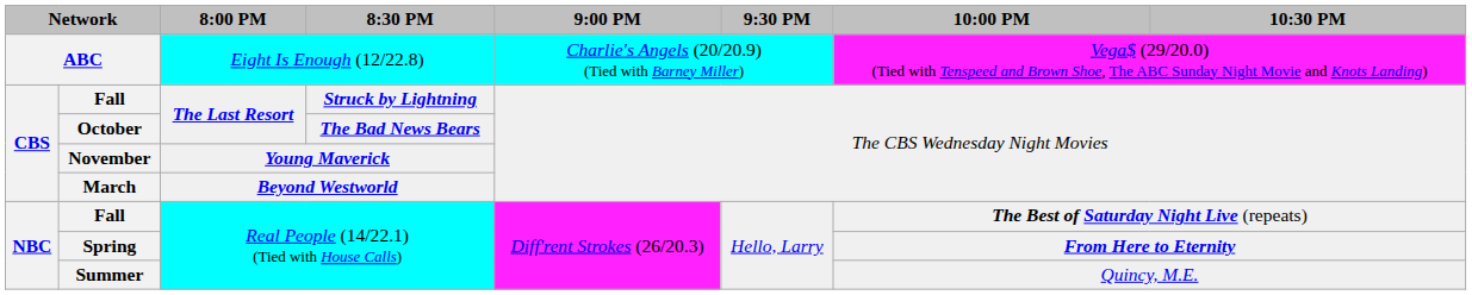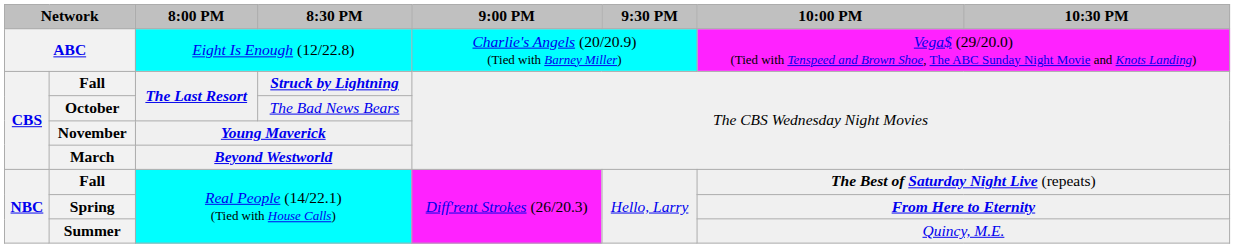 <table class="wikitable plainrowheaders" style="width:100%; margin:auto ;text-align:center;">
 <tr>
 <th style="background-color:#C0C0C0;text-align:center" colspan="2">Network</th>
 <th style="background-color:#C0C0C0;text-align:center">8:00 PM</th>
 <th style="background-color:#C0C0C0;text-align:center">8:30 PM</th>
 <th style="background-color:#C0C0C0;text-align:center">9:00 PM</th>
 <th style="background-color:#C0C0C0;text-align:center">9:30 PM</th>
 <th style="background-color:#C0C0C0;text-align:center">10:00 PM</th>
 <th style="background-color:#C0C0C0;text-align:center">10:30 PM</th>
 </tr>
 <tr>
 <th bgcolor="#C0C0C0" colspan="2"><a href='#'>ABC</a></th>
 <td bgcolor="#00FFFF" colspan="2"><em><a href='#'>Eight Is Enough</a></em> (12/22.8)</td>
 <td bgcolor="#00FFFF" colspan="2"><em><a href='#'>Charlie's Angels</a></em> (20/20.9)<br><small>(Tied with <em><a href='#'>Barney Miller</a></em>)</small></td>
 <td bgcolor="#FF22FF" colspan="2"><em><a href='#'>Vega$</a></em> (29/20.0)<br><small>(Tied with <em><a href='#'>Tenspeed and Brown Shoe</a></em>, <a href='#'>The ABC Sunday Night Movie</a> and <em><a href='#'>Knots Landing</a></em>)</small></td>
 </tr>
 <tr>
 <th rowspan="4" bgcolor="#C0C0C0"><a href='#'>CBS</a></th>
 <th>Fall</th>
 <td bgcolor="#F0F0F0" rowspan="2"><strong><em><a href='#'>The Last Resort</a></em></strong></td>
 <td bgcolor="#F0F0F0"><strong><em><a href='#'>Struck by Lightning</a></em></strong></td>
 <td colspan="4" rowspan="4" bgcolor="#F0F0F0"><em>The CBS Wednesday Night Movies</em></td>
 </tr>
 <tr>
 <th>October</th>
-<td bgcolor="#F0F0F0"><strong><em><a href='#'>The Bad News Bears</a></em></strong></td>
+<td bgcolor="#F0F0F0"><em><a href='#'>The Bad News Bears</a></em></td>
 </tr>
 <tr>
 <th>November</th>
 <td colspan="2" bgcolor="#F0F0F0"><strong><em><a href='#'>Young Maverick</a></em></strong></td>
 </tr>
 <tr>
 <th>March</th>
 <td colspan="2" bgcolor="#F0F0F0"><strong><em><a href='#'>Beyond Westworld</a></em></strong></td>
 </tr>
 <tr>
 <th rowspan="3" bgcolor="#C0C0C0"><a href='#'>NBC</a></th>
 <th>Fall</th>
 <td colspan="2" rowspan="3" bgcolor="#00FFFF"><em><a href='#'>Real People</a></em> (14/22.1)<br><small>(Tied with <em><a href='#'>House Calls</a></em>)</small></td>
 <td rowspan="3" bgcolor="#FF22FF"><em><a href='#'>Diff'rent Strokes</a></em> (26/20.3)</td>
 <td rowspan="3" bgcolor="#F0F0F0"><em><a href='#'>Hello, Larry</a></em></td>
 <td bgcolor="#F0F0F0" colspan="2"><strong><em>The Best of <a href='#'>Saturday Night Live</a></em></strong> (repeats)</td>
 </tr>
 <tr>
 <th>Spring</th>
 <td colspan="2" bgcolor="#F0F0F0"><strong><em><a href='#'>From Here to Eternity</a></em></strong></td>
 </tr>
 <tr>
 <th>Summer</th>
 <td colspan="2" bgcolor="#F0F0F0"><em><a href='#'>Quincy, M.E.</a></em></td>
 </tr>
 </table>
